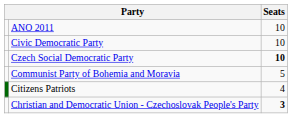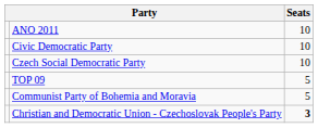 <table class=wikitable style=text-align:right>
 <tr>
 <th colspan=2>Party</th>
 <th>Seats</th>
 </tr>
 <tr>
 <td></td>
 <td align=left><a href='#'>ANO 2011</a></td>
 <td>10</td>
 </tr>
 <tr>
 <td></td>
 <td align=left><a href='#'>Civic Democratic Party</a></td>
 <td>10</td>
 </tr>
 <tr>
 <td></td>
 <td align=left><a href='#'>Czech Social Democratic Party</a></td>
-<td><strong>10</strong></td>
+<td>10</td>
+</tr>
+<tr>
+<td></td>
+<td align=left><a href='#'>TOP 09</a></td>
+<td>5</td>
 </tr>
 <tr>
 <td></td>
 <td align=left><a href='#'>Communist Party of Bohemia and Moravia</a></td>
 <td>5</td>
 </tr>
 <tr>
-<td bgcolor="background:#036937; width:40px;"></td>
-<td align=left>Citizens Patriots</td>
-<td>4</td>
-</tr>
-<tr>
 <td></td>
 <td align=left><a href='#'>Christian and Democratic Union - Czechoslovak People's Party</a></td>
 <td><strong>3</strong></td>
 </tr>
 </table>
